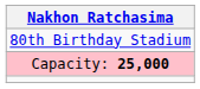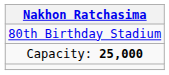 <table class="wikitable" style="margin:1em auto; text-align:center">
 <tr>
 <th><a href='#'>Nakhon Ratchasima</a></th>
 </tr>
 <tr>
 <td><a href='#'>80th Birthday Stadium</a></td>
 </tr>
 <tr>
-<td style="background: pink;">Capacity: <strong>25,000</strong></td>
+<td>Capacity: <strong>25,000</strong></td>
 </tr>
 <tr>
 <td></td>
 </tr>
 </table>
